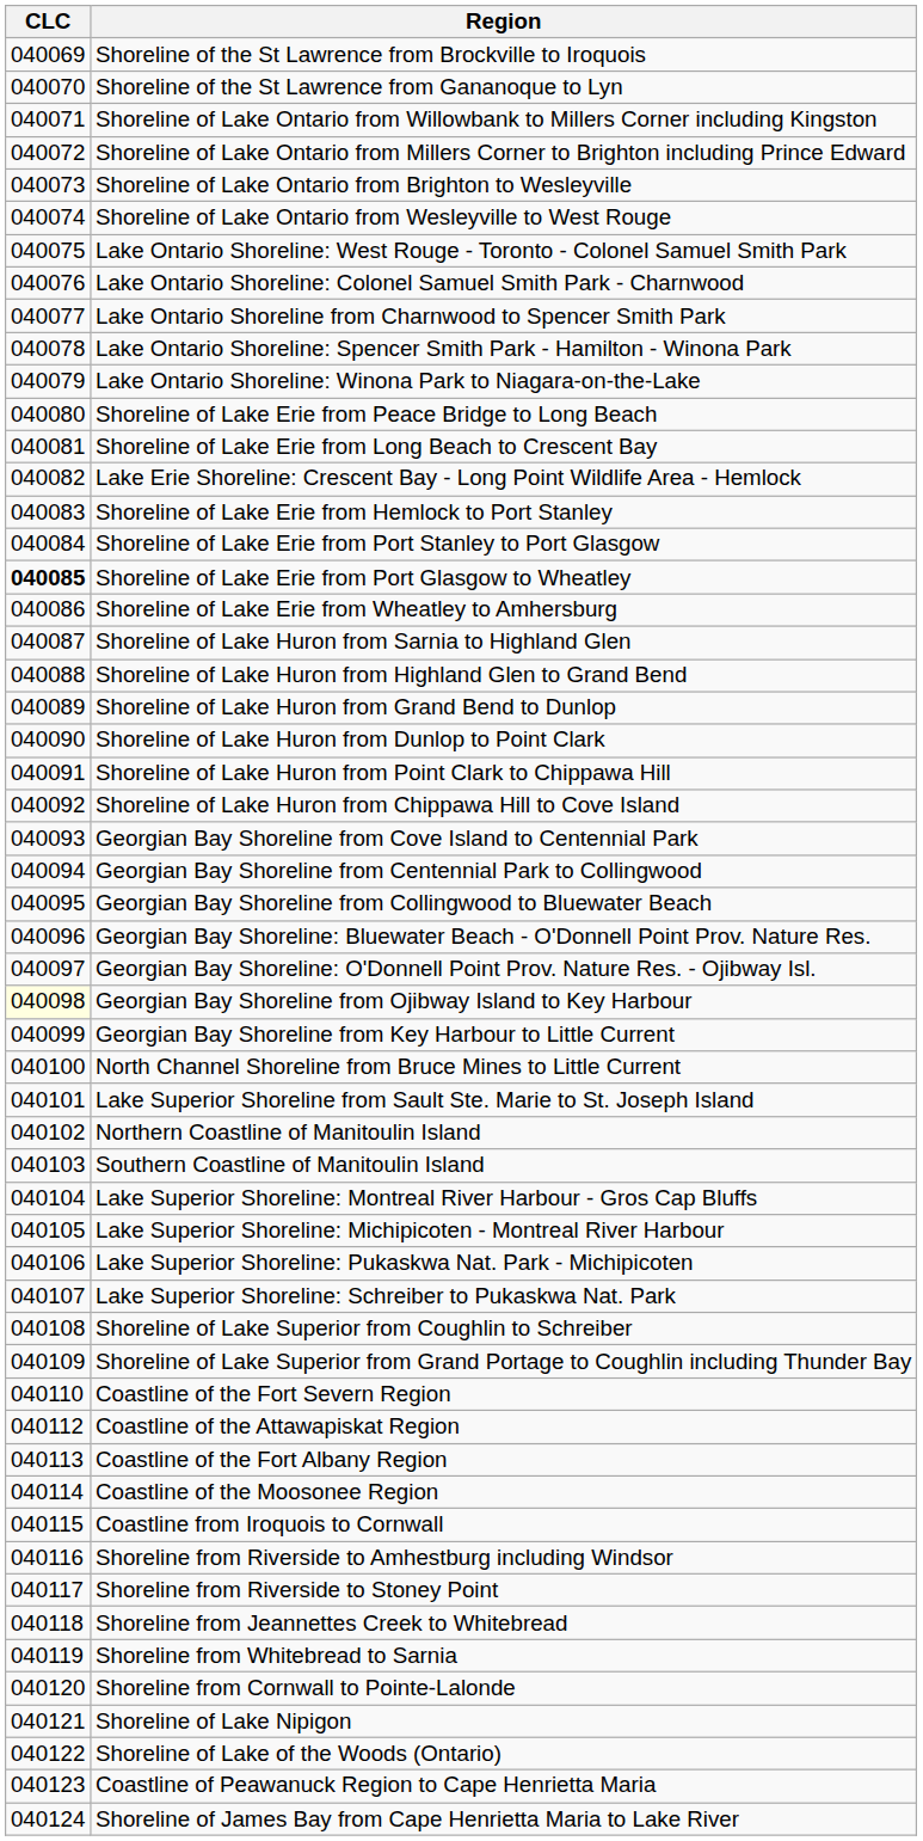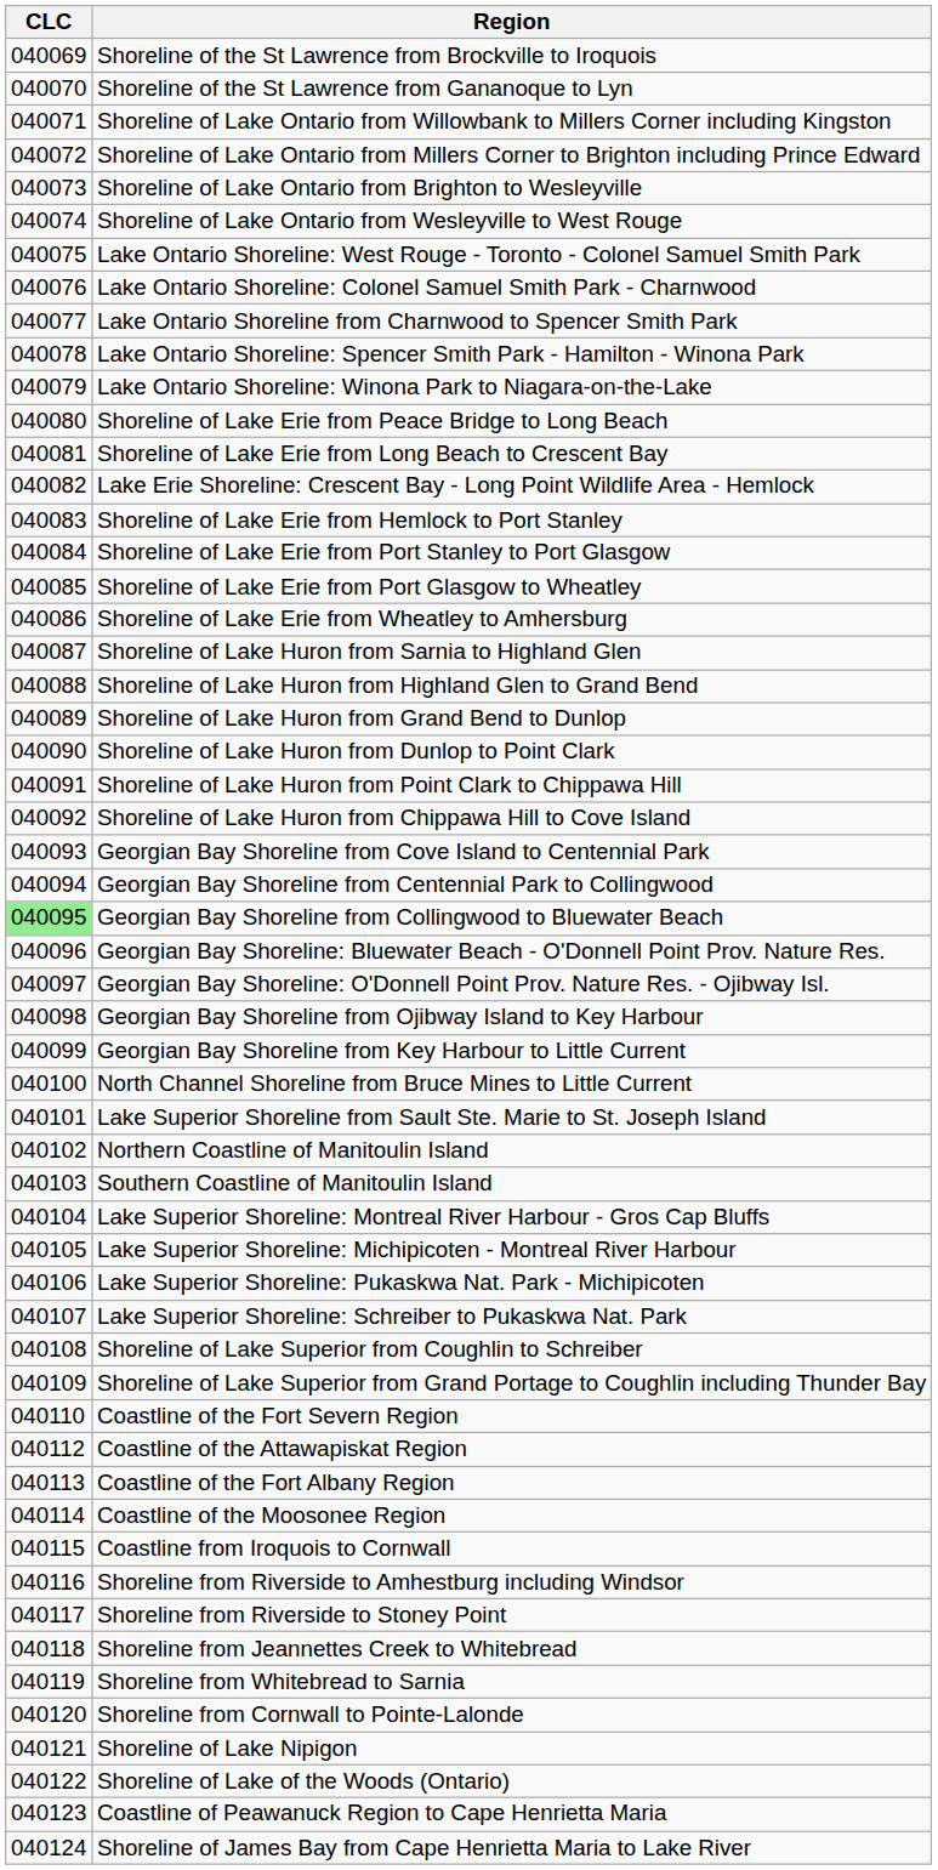 <table class="wikitable" style="line-height: 100%;">
 <tr>
 <th>CLC</th>
 <th>Region</th>
 </tr>
 <tr>
 <td>040069</td>
 <td>Shoreline of the St Lawrence from Brockville to Iroquois</td>
 </tr>
 <tr>
 <td>040070</td>
 <td>Shoreline of the St Lawrence from Gananoque to Lyn</td>
 </tr>
 <tr>
 <td>040071</td>
 <td>Shoreline of Lake Ontario from Willowbank to Millers Corner including Kingston</td>
 </tr>
 <tr>
 <td>040072</td>
 <td>Shoreline of Lake Ontario from Millers Corner to Brighton including Prince Edward</td>
 </tr>
 <tr>
 <td>040073</td>
 <td>Shoreline of Lake Ontario from Brighton to Wesleyville</td>
 </tr>
 <tr>
 <td>040074</td>
 <td>Shoreline of Lake Ontario from Wesleyville to West Rouge</td>
 </tr>
 <tr>
 <td>040075</td>
 <td>Lake Ontario Shoreline: West Rouge - Toronto - Colonel Samuel Smith Park</td>
 </tr>
 <tr>
 <td>040076</td>
 <td>Lake Ontario Shoreline: Colonel Samuel Smith Park - Charnwood</td>
 </tr>
 <tr>
 <td>040077</td>
 <td>Lake Ontario Shoreline from Charnwood to Spencer Smith Park</td>
 </tr>
 <tr>
 <td>040078</td>
 <td>Lake Ontario Shoreline: Spencer Smith Park - Hamilton - Winona Park</td>
 </tr>
 <tr>
 <td>040079</td>
 <td>Lake Ontario Shoreline: Winona Park to Niagara-on-the-Lake</td>
 </tr>
 <tr>
 <td>040080</td>
 <td>Shoreline of Lake Erie from Peace Bridge to Long Beach</td>
 </tr>
 <tr>
 <td>040081</td>
 <td>Shoreline of Lake Erie from Long Beach to Crescent Bay</td>
 </tr>
 <tr>
 <td>040082</td>
 <td>Lake Erie Shoreline: Crescent Bay - Long Point Wildlife Area - Hemlock</td>
 </tr>
 <tr>
 <td>040083</td>
 <td>Shoreline of Lake Erie from Hemlock to Port Stanley</td>
 </tr>
 <tr>
 <td>040084</td>
 <td>Shoreline of Lake Erie from Port Stanley to Port Glasgow</td>
 </tr>
 <tr>
-<td><strong>040085</strong></td>
+<td>040085</td>
 <td>Shoreline of Lake Erie from Port Glasgow to Wheatley</td>
 </tr>
 <tr>
 <td>040086</td>
 <td>Shoreline of Lake Erie from Wheatley to Amhersburg</td>
 </tr>
 <tr>
 <td>040087</td>
 <td>Shoreline of Lake Huron from Sarnia to Highland Glen</td>
 </tr>
 <tr>
 <td>040088</td>
 <td>Shoreline of Lake Huron from Highland Glen to Grand Bend</td>
 </tr>
 <tr>
 <td>040089</td>
 <td>Shoreline of Lake Huron from Grand Bend to Dunlop</td>
 </tr>
 <tr>
 <td>040090</td>
 <td>Shoreline of Lake Huron from Dunlop to Point Clark</td>
 </tr>
 <tr>
 <td>040091</td>
 <td>Shoreline of Lake Huron from Point Clark to Chippawa Hill</td>
 </tr>
 <tr>
 <td>040092</td>
 <td>Shoreline of Lake Huron from Chippawa Hill to Cove Island</td>
 </tr>
 <tr>
 <td>040093</td>
 <td>Georgian Bay Shoreline from Cove Island to Centennial Park</td>
 </tr>
 <tr>
 <td>040094</td>
 <td>Georgian Bay Shoreline from Centennial Park to Collingwood</td>
 </tr>
 <tr>
-<td>040095</td>
+<td style="background: lightgreen;">040095</td>
 <td>Georgian Bay Shoreline from Collingwood to Bluewater Beach</td>
 </tr>
 <tr>
 <td>040096</td>
 <td>Georgian Bay Shoreline: Bluewater Beach - O'Donnell Point Prov. Nature Res.</td>
 </tr>
 <tr>
 <td>040097</td>
 <td>Georgian Bay Shoreline: O'Donnell Point Prov. Nature Res. - Ojibway Isl.</td>
 </tr>
 <tr>
-<td style="background: lightyellow;">040098</td>
+<td>040098</td>
 <td>Georgian Bay Shoreline from Ojibway Island to Key Harbour</td>
 </tr>
 <tr>
 <td>040099</td>
 <td>Georgian Bay Shoreline from Key Harbour to Little Current</td>
 </tr>
 <tr>
 <td>040100</td>
 <td>North Channel Shoreline from Bruce Mines to Little Current</td>
 </tr>
 <tr>
 <td>040101</td>
 <td>Lake Superior Shoreline from Sault Ste. Marie to St. Joseph Island</td>
 </tr>
 <tr>
 <td>040102</td>
 <td>Northern Coastline of Manitoulin Island</td>
 </tr>
 <tr>
 <td>040103</td>
 <td>Southern Coastline of Manitoulin Island</td>
 </tr>
 <tr>
 <td>040104</td>
 <td>Lake Superior Shoreline: Montreal River Harbour - Gros Cap Bluffs</td>
 </tr>
 <tr>
 <td>040105</td>
 <td>Lake Superior Shoreline: Michipicoten - Montreal River Harbour</td>
 </tr>
 <tr>
 <td>040106</td>
 <td>Lake Superior Shoreline: Pukaskwa Nat. Park - Michipicoten</td>
 </tr>
 <tr>
 <td>040107</td>
 <td>Lake Superior Shoreline: Schreiber to Pukaskwa Nat. Park</td>
 </tr>
 <tr>
 <td>040108</td>
 <td>Shoreline of Lake Superior from Coughlin to Schreiber</td>
 </tr>
 <tr>
 <td>040109</td>
 <td>Shoreline of Lake Superior from Grand Portage to Coughlin including Thunder Bay</td>
 </tr>
 <tr>
 <td>040110</td>
 <td>Coastline of the Fort Severn Region</td>
 </tr>
 <tr>
 <td>040112</td>
 <td>Coastline of the Attawapiskat Region</td>
 </tr>
 <tr>
 <td>040113</td>
 <td>Coastline of the Fort Albany Region</td>
 </tr>
 <tr>
 <td>040114</td>
 <td>Coastline of the Moosonee Region</td>
 </tr>
 <tr>
 <td>040115</td>
 <td>Coastline from Iroquois to Cornwall</td>
 </tr>
 <tr>
 <td>040116</td>
 <td>Shoreline from Riverside to Amhestburg including Windsor</td>
 </tr>
 <tr>
 <td>040117</td>
 <td>Shoreline from Riverside to Stoney Point</td>
 </tr>
 <tr>
 <td>040118</td>
 <td>Shoreline from Jeannettes Creek to Whitebread</td>
 </tr>
 <tr>
 <td>040119</td>
 <td>Shoreline from Whitebread to Sarnia</td>
 </tr>
 <tr>
 <td>040120</td>
 <td>Shoreline from Cornwall to Pointe-Lalonde</td>
 </tr>
 <tr>
 <td>040121</td>
 <td>Shoreline of Lake Nipigon</td>
 </tr>
 <tr>
 <td>040122</td>
 <td>Shoreline of Lake of the Woods (Ontario)</td>
 </tr>
 <tr>
 <td>040123</td>
 <td>Coastline of Peawanuck Region to Cape Henrietta Maria</td>
 </tr>
 <tr>
 <td>040124</td>
 <td>Shoreline of James Bay from Cape Henrietta Maria to Lake River</td>
 </tr>
 </table>
